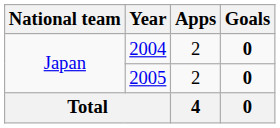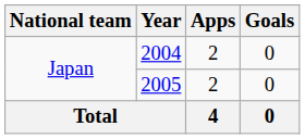 <table class="wikitable" style="text-align:center">
 <tr>
 <th>National team</th>
 <th>Year</th>
 <th>Apps</th>
 <th>Goals</th>
 </tr>
 <tr>
 <td rowspan="2"><a href='#'>Japan</a></td>
 <td><a href='#'>2004</a></td>
 <td>2</td>
-<td><strong>0</strong></td>
+<td>0</td>
 </tr>
 <tr>
 <td><a href='#'>2005</a></td>
 <td>2</td>
-<td><strong>0</strong></td>
+<td>0</td>
 </tr>
 <tr>
 <th colspan="2">Total</th>
 <th>4</th>
 <th>0</th>
 </tr>
 </table>
